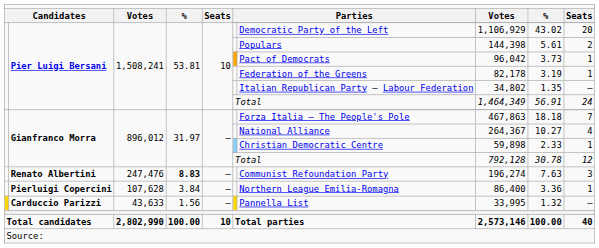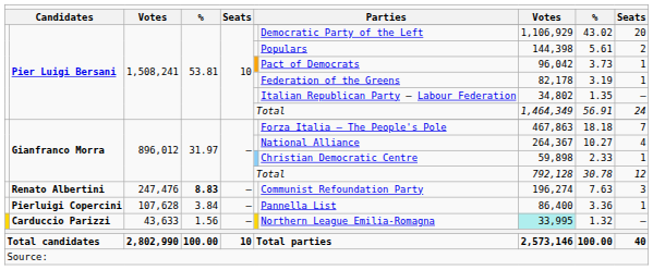 <table class="wikitable">
 <tr>
 <td colspan=10></td>
 </tr>
 <tr>
 <th colspan=2>Candidates</th>
 <th>Votes</th>
 <th>%</th>
 <th>Seats</th>
 <th colspan=2>Parties</th>
 <th>Votes</th>
 <th>%</th>
 <th>Seats</th>
 </tr>
 <tr>
 <td rowspan=7></td>
 <td rowspan=7><strong><a href='#'>Pier Luigi Bersani</a></strong></td>
 <td rowspan=7 align=right>1,508,241</td>
 <td rowspan=7 align=right>53.81</td>
 <td rowspan=7 align=right>10</td>
 </tr>
 <tr>
 <td></td>
 <td><a href='#'>Democratic Party of the Left</a></td>
 <td align=right>1,106,929</td>
 <td align=right>43.02</td>
 <td align=right>20</td>
 </tr>
 <tr>
 <td></td>
 <td><a href='#'>Populars</a></td>
 <td align=right>144,398</td>
 <td align=right>5.61</td>
 <td align=right>2</td>
 </tr>
 <tr>
 <td bgcolor="orange"></td>
 <td><a href='#'>Pact of Democrats</a></td>
 <td align=right>96,042</td>
 <td align=right>3.73</td>
 <td align=right>1</td>
 </tr>
 <tr>
 <td></td>
 <td><a href='#'>Federation of the Greens</a></td>
 <td align=right>82,178</td>
 <td align=right>3.19</td>
 <td align=right>1</td>
 </tr>
 <tr>
 <td></td>
 <td><a href='#'>Italian Republican Party</a> – <a href='#'>Labour Federation</a></td>
 <td align=right>34,802</td>
 <td align=right>1.35</td>
 <td align=right>–</td>
 </tr>
 <tr>
 <td colspan=2><em>Total</em></td>
 <td align=right><em>1,464,349</em></td>
 <td align=right><em>56.91</em></td>
 <td align=right><em>24</em></td>
 </tr>
 <tr>
 <td rowspan=5></td>
 <td rowspan=5><strong>Gianfranco Morra</strong></td>
 <td rowspan=5 align=right>896,012</td>
 <td rowspan=5 align=right>31.97</td>
 <td rowspan=5 align=right>–</td>
 </tr>
 <tr>
 <td></td>
 <td><a href='#'>Forza Italia – The People's Pole</a></td>
 <td align=right>467,863</td>
 <td align=right>18.18</td>
 <td align=right>7</td>
 </tr>
 <tr>
 <td></td>
 <td><a href='#'>National Alliance</a></td>
 <td align=right>264,367</td>
 <td align=right>10.27</td>
 <td align=right>4</td>
 </tr>
 <tr>
 <td bgcolor="lightskyblue"></td>
 <td><a href='#'>Christian Democratic Centre</a></td>
 <td align=right>59,898</td>
 <td align=right>2.33</td>
 <td align=right>1</td>
 </tr>
 <tr>
 <td colspan=2><em>Total</em></td>
 <td align=right><em>792,128</em></td>
 <td align=right><em>30.78</em></td>
 <td align=right><em>12</em></td>
 </tr>
 <tr>
 <td></td>
 <td><strong>Renato Albertini</strong></td>
 <td align=right>247,476</td>
 <td align=right><strong>8.83</strong></td>
 <td align=right>–</td>
 <td></td>
 <td><a href='#'>Communist Refoundation Party</a></td>
 <td align=right>196,274</td>
 <td align=right>7.63</td>
 <td align=right>3</td>
 </tr>
 <tr>
 <td></td>
 <td><strong>Pierluigi Copercini</strong></td>
 <td align=right>107,628</td>
 <td align=right>3.84</td>
 <td align=right>–</td>
 <td></td>
-<td><a href='#'>Northern League Emilia-Romagna</a></td>
+<td><a href='#'>Pannella List</a></td>
 <td align=right>86,400</td>
 <td align=right>3.36</td>
 <td align=right>1</td>
 </tr>
 <tr>
 <td bgcolor="gold"></td>
 <td><strong>Carduccio Parizzi</strong></td>
 <td align=right>43,633</td>
 <td align=right>1.56</td>
 <td align=right>–</td>
 <td bgcolor="gold"></td>
-<td><a href='#'>Pannella List</a></td>
-<td align=right>33,995</td>
+<td><a href='#'>Northern League Emilia-Romagna</a></td>
+<td align=right style="background: paleturquoise;">33,995</td>
 <td align=right>1.32</td>
 <td align=right>–</td>
 </tr>
 <tr>
 <th colspan=10></th>
 </tr>
 <tr>
 <td colspan=2><strong>Total candidates</strong></td>
 <td align=right><strong>2,802,990</strong></td>
 <td align=right><strong>100.00</strong></td>
 <td align=right><strong>10</strong></td>
 <td colspan=2><strong>Total parties</strong></td>
 <td align=right><strong>2,573,146</strong></td>
 <td align=right><strong>100.00</strong></td>
 <td align=right><strong>40</strong></td>
 </tr>
 <tr>
 <td colspan=10>Source: </td>
 </tr>
 </table>
